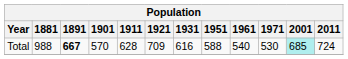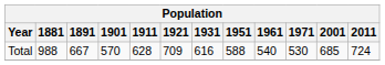 <table class="wikitable" style="margin: 1em auto 1em auto;">
 <tr>
 <th colspan="12">Population</th>
 </tr>
 <tr>
 <th>Year</th>
 <th>1881</th>
 <th>1891</th>
 <th>1901</th>
 <th>1911</th>
 <th>1921</th>
 <th>1931</th>
 <th>1951</th>
 <th>1961</th>
 <th>1971</th>
 <th>2001</th>
 <th>2011</th>
 </tr>
 <tr>
 <td>Total</td>
 <td>988</td>
-<td><strong>667</strong></td>
+<td>667</td>
 <td>570</td>
 <td>628</td>
 <td>709</td>
 <td>616</td>
 <td>588</td>
 <td>540</td>
 <td>530</td>
-<td style="background: paleturquoise;">685</td>
+<td>685</td>
 <td>724</td>
 </tr>
 <tr>
 </tr>
 </table>
